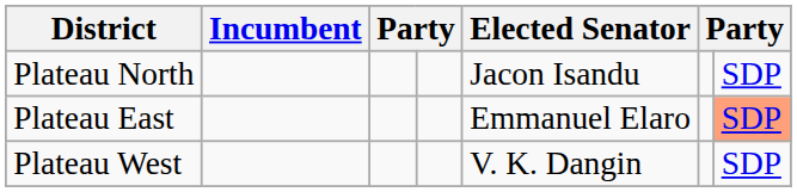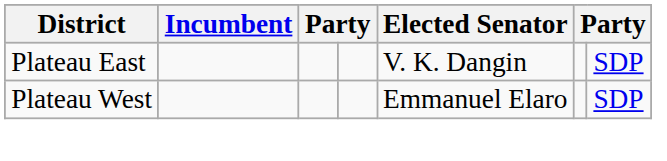 <table class="sortable wikitable" style="font-size:95%;line-height:14px;">
 <tr>
 <th class="unsortable">District</th>
 <th class="unsortable"><a href='#'>Incumbent</a></th>
 <th colspan="2">Party</th>
 <th class="unsortable">Elected Senator</th>
 <th colspan="2">Party</th>
 </tr>
 <tr>
-<td>Plateau North</td>
-<td></td>
-<td></td>
-<td></td>
-<td>Jacon Isandu</td>
-<td style="background:"></td>
-<td><a href='#'>SDP</a></td>
-</tr>
-<tr>
 <td>Plateau East</td>
-<td></td>
-<td></td>
-<td></td>
-<td>Emmanuel Elaro</td>
-<td style="background:"></td>
-<td style="background: lightsalmon;"><a href='#'>SDP</a></td>
-</tr>
-<tr>
-<td>Plateau West</td>
 <td></td>
 <td></td>
 <td></td>
 <td>V. K. Dangin</td>
 <td style="background:"></td>
 <td><a href='#'>SDP</a></td>
 </tr>
+<tr>
+<td>Plateau West</td>
+<td></td>
+<td></td>
+<td></td>
+<td>Emmanuel Elaro</td>
+<td style="background:"></td>
+<td><a href='#'>SDP</a></td>
+</tr>
 </table>
